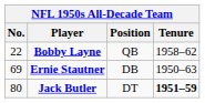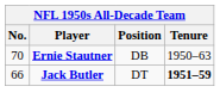 <table class="wikitable" style="text-align:center">
 <tr>
 <th colspan="4"><a href='#'><span>NFL 1950s All-Decade Team</span></a></th>
 </tr>
 <tr>
 <th>No.</th>
 <th>Player</th>
 <th>Position</th>
 <th>Tenure</th>
 </tr>
 <tr>
-<td>22</td>
-<td><strong><a href='#'>Bobby Layne</a></strong></td>
-<td>QB</td>
-<td>1958–62</td>
-</tr>
-<tr>
-<td>69</td>
+<td>70</td>
 <td><strong><a href='#'>Ernie Stautner</a></strong></td>
 <td>DB</td>
 <td>1950–63</td>
 </tr>
 <tr>
-<td>80</td>
+<td>66</td>
 <td><strong><a href='#'>Jack Butler</a></strong></td>
 <td>DT</td>
 <td><strong>1951–59</strong></td>
 </tr>
 </table>
